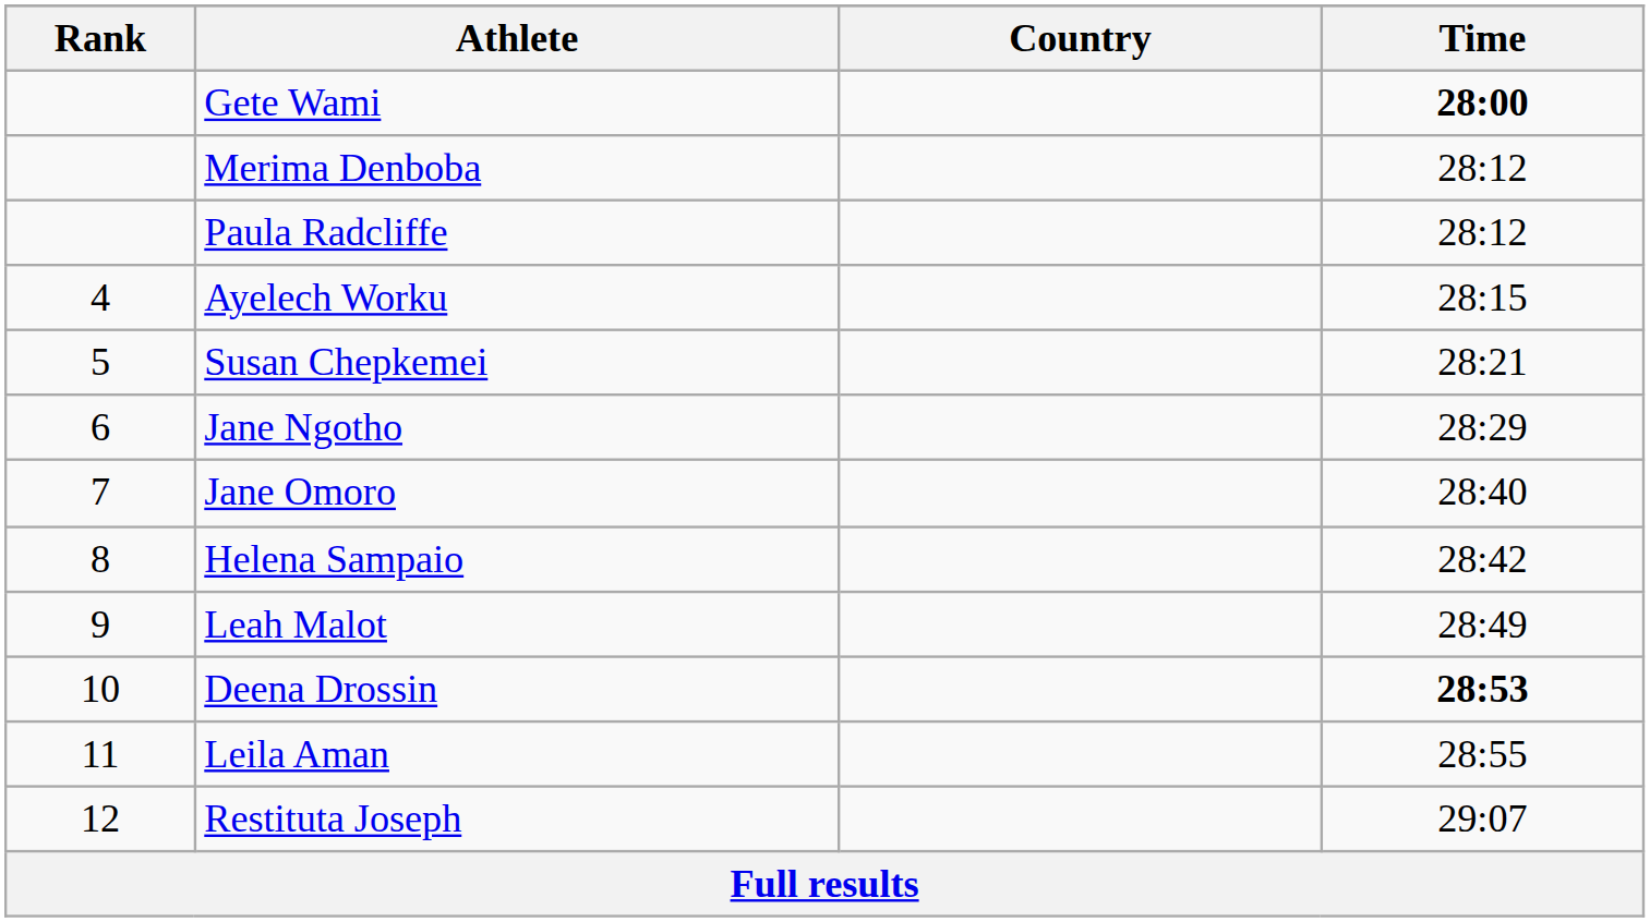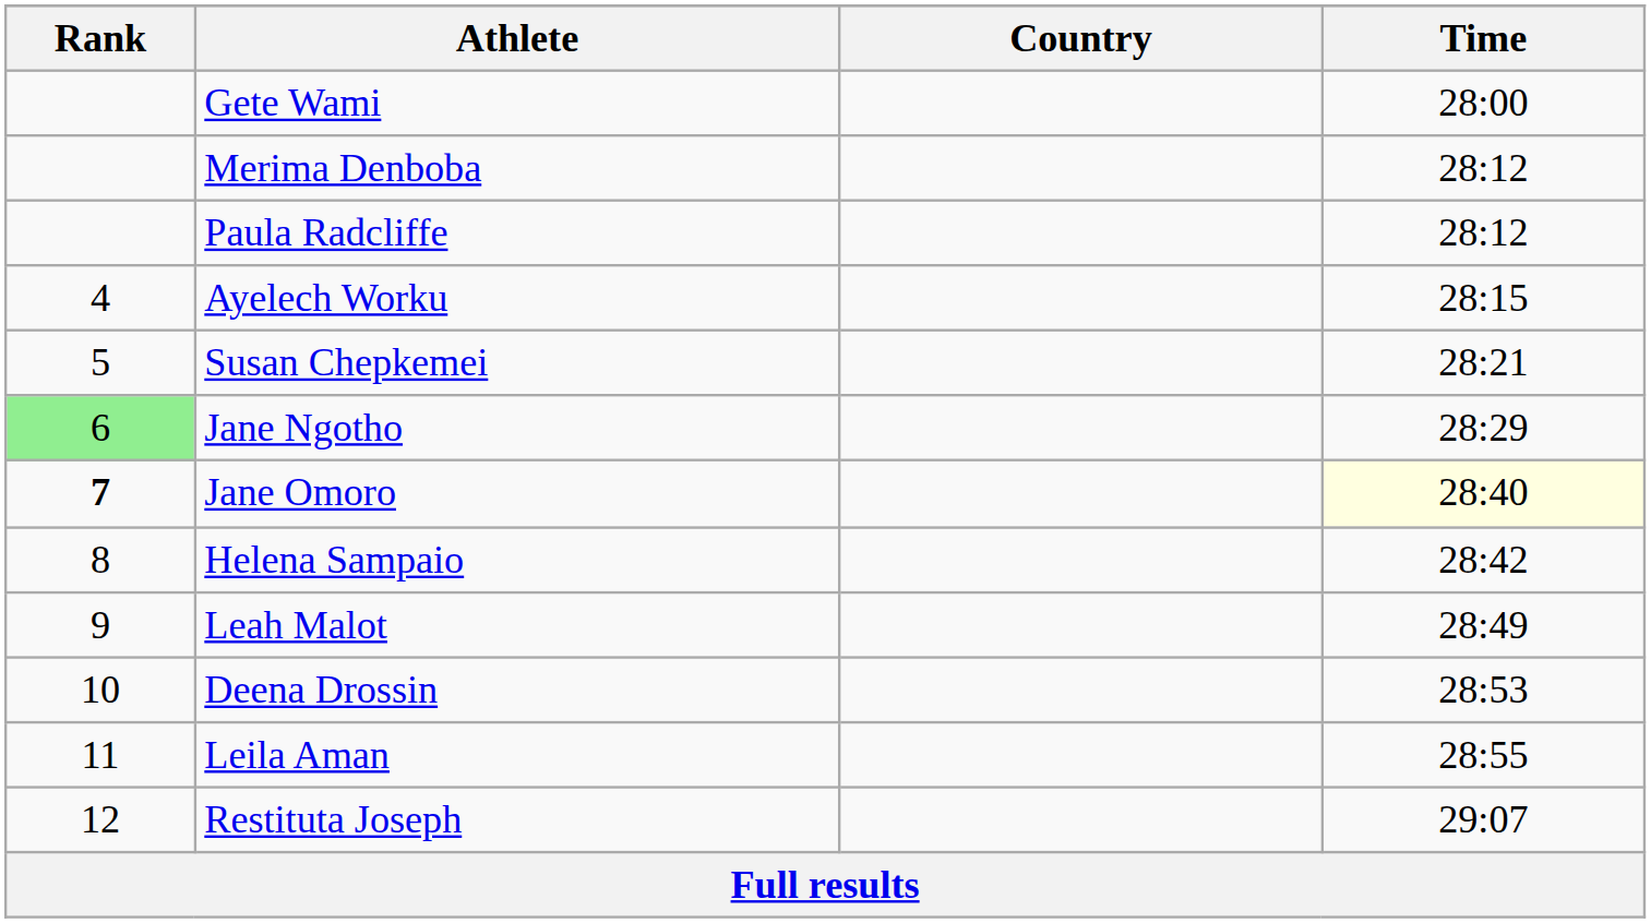 <table class="wikitable sortable" style=" text-align:center; font-size:95%;" width="50%">
 <tr>
 </tr>
 <tr>
 <th width=5%>Rank</th>
 <th width=20%>Athlete</th>
 <th width=15%>Country</th>
 <th width=10%>Time</th>
 </tr>
 <tr>
 <td align=center></td>
 <td align=left><a href='#'>Gete Wami</a></td>
 <td align=left></td>
-<td><strong>28:00</strong></td>
+<td>28:00</td>
 </tr>
 <tr>
 <td align=center></td>
 <td align=left><a href='#'>Merima Denboba</a></td>
 <td align=left></td>
 <td>28:12</td>
 </tr>
 <tr>
 <td align=center></td>
 <td align=left><a href='#'>Paula Radcliffe</a></td>
 <td align=left></td>
 <td>28:12</td>
 </tr>
 <tr>
 <td align=center>4</td>
 <td align=left><a href='#'>Ayelech Worku</a></td>
 <td align=left></td>
 <td>28:15</td>
 </tr>
 <tr>
 <td align=center>5</td>
 <td align=left><a href='#'>Susan Chepkemei</a></td>
 <td align=left></td>
 <td>28:21</td>
 </tr>
 <tr>
-<td align=center>6</td>
+<td align=center style="background: lightgreen;">6</td>
 <td align=left><a href='#'>Jane Ngotho</a></td>
 <td align=left></td>
 <td>28:29</td>
 </tr>
 <tr>
-<td align=center>7</td>
+<td align=center><strong>7</strong></td>
 <td align=left><a href='#'>Jane Omoro</a></td>
 <td align=left></td>
-<td>28:40</td>
+<td style="background: lightyellow;">28:40</td>
 </tr>
 <tr>
 <td align=center>8</td>
 <td align=left><a href='#'>Helena Sampaio</a></td>
 <td align=left></td>
 <td>28:42</td>
 </tr>
 <tr>
 <td align=center>9</td>
 <td align=left><a href='#'>Leah Malot</a></td>
 <td align=left></td>
 <td>28:49</td>
 </tr>
 <tr>
 <td align=center>10</td>
 <td align=left><a href='#'>Deena Drossin</a></td>
 <td align=left></td>
-<td><strong>28:53</strong></td>
+<td>28:53</td>
 </tr>
 <tr>
 <td align=center>11</td>
 <td align=left><a href='#'>Leila Aman</a></td>
 <td align=left></td>
 <td>28:55</td>
 </tr>
 <tr>
 <td align=center>12</td>
 <td align=left><a href='#'>Restituta Joseph</a></td>
 <td align=left></td>
 <td>29:07</td>
 </tr>
 <tr class="sortbottom">
 <th colspan=4 align=center><a href='#'>Full results</a></th>
 </tr>
 </table>
